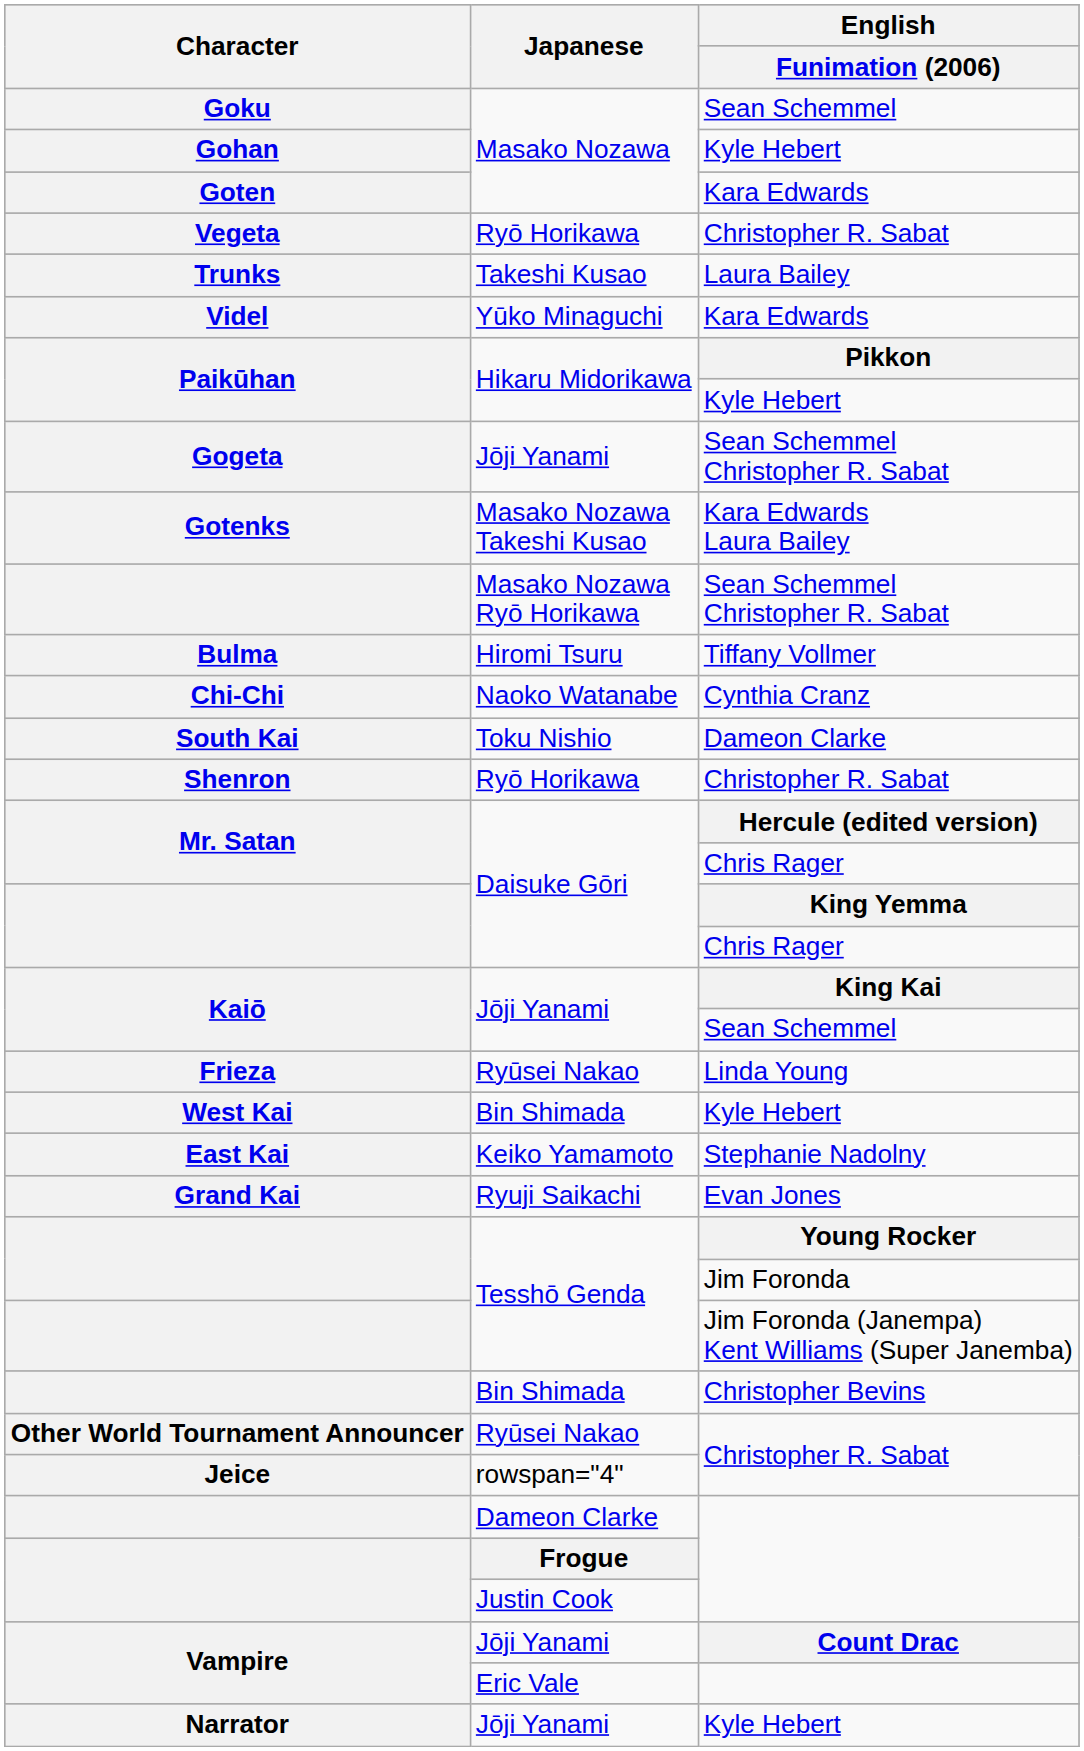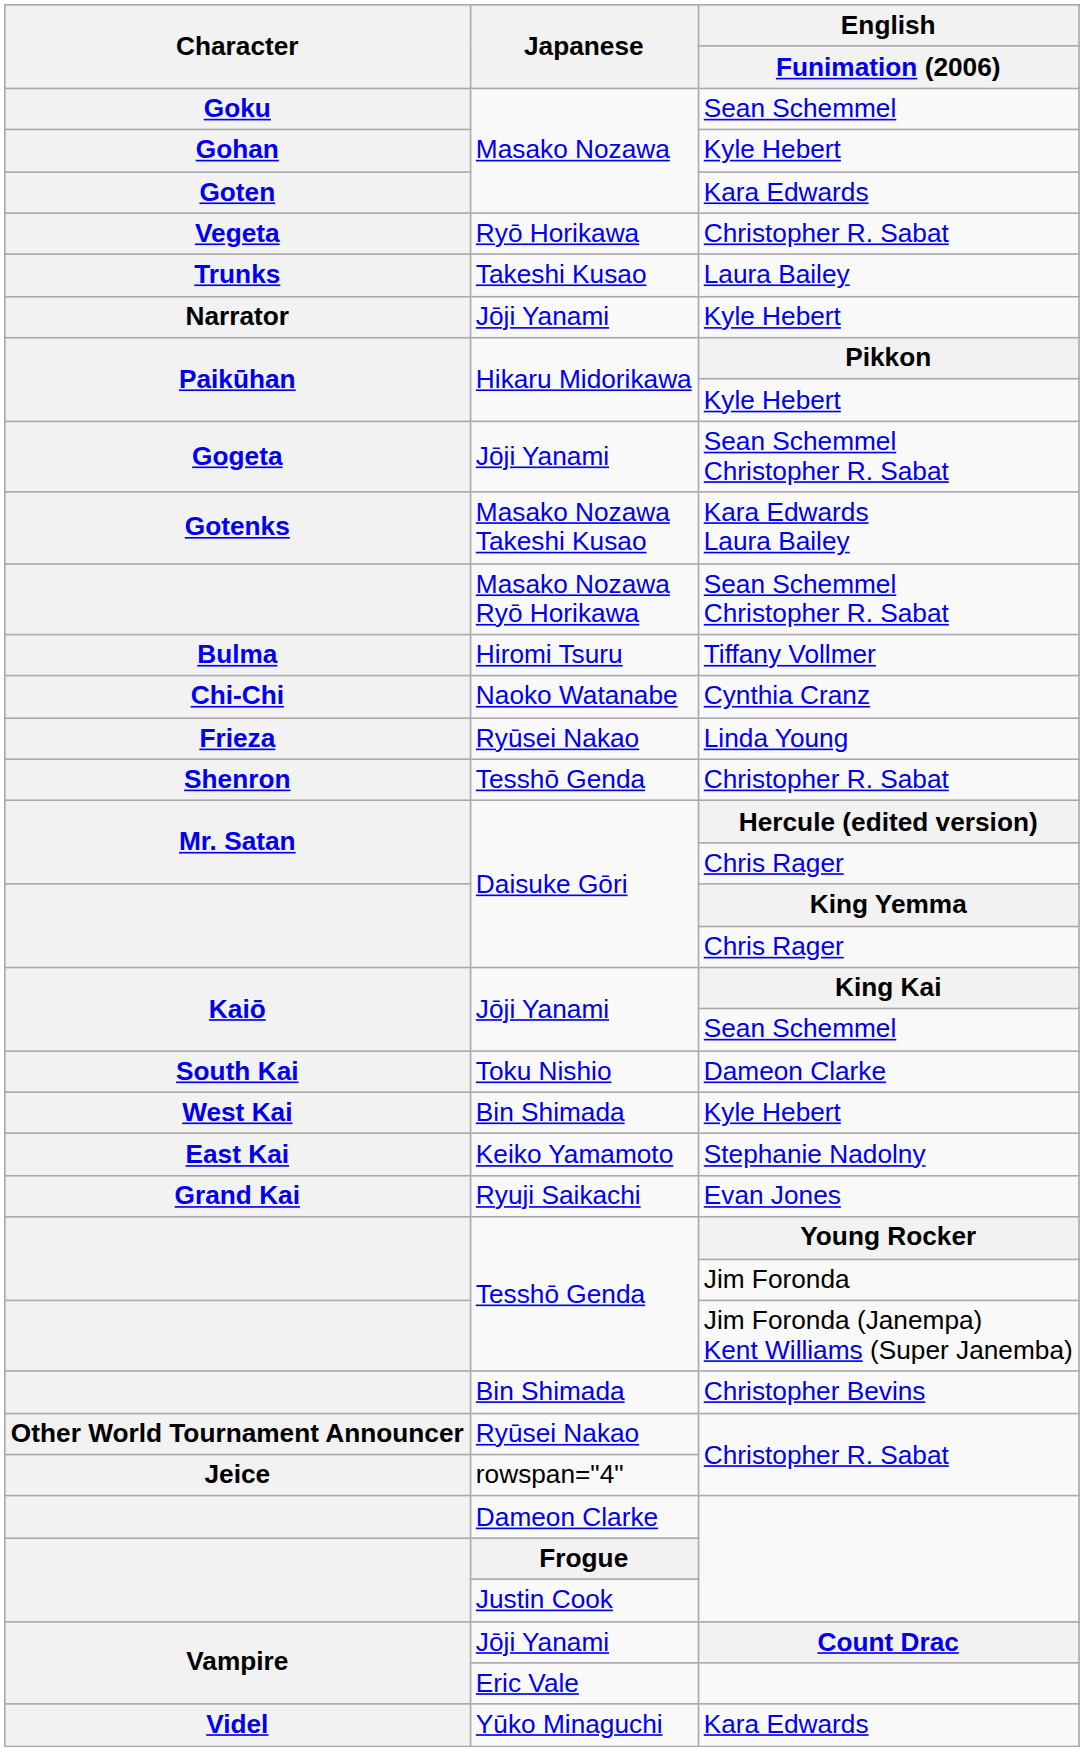 <table class="wikitable plainrowheaders">
 <tr>
 <th rowspan="2">Character</th>
 <th rowspan="2">Japanese</th>
 <th>English</th>
 </tr>
 <tr>
 <th><a href='#'>Funimation</a> (2006)</th>
 </tr>
 <tr>
 <th scope="row"><a href='#'>Goku</a></th>
 <td rowspan="3"><a href='#'>Masako Nozawa</a></td>
 <td><a href='#'>Sean Schemmel</a></td>
 </tr>
 <tr>
 <th scope="row"><a href='#'>Gohan</a></th>
 <td><a href='#'>Kyle Hebert</a></td>
 </tr>
 <tr>
 <th scope="row"><a href='#'>Goten</a></th>
 <td><a href='#'>Kara Edwards</a></td>
 </tr>
 <tr>
 <th scope="row"><a href='#'>Vegeta</a></th>
 <td><a href='#'>Ryō Horikawa</a></td>
 <td><a href='#'>Christopher R. Sabat</a></td>
 </tr>
 <tr>
 <th scope="row"><a href='#'>Trunks</a></th>
 <td><a href='#'>Takeshi Kusao</a></td>
 <td><a href='#'>Laura Bailey</a></td>
 </tr>
 <tr>
-<th scope="row"><a href='#'>Videl</a></th>
-<td><a href='#'>Yūko Minaguchi</a></td>
-<td><a href='#'>Kara Edwards</a></td>
+<th scope="row">Narrator</th>
+<td><a href='#'>Jōji Yanami</a></td>
+<td><a href='#'>Kyle Hebert</a></td>
 </tr>
 <tr>
 <th rowspan="2" scope="row"><a href='#'>Paikūhan</a></th>
 <td rowspan="2"><a href='#'>Hikaru Midorikawa</a></td>
 <th>Pikkon</th>
 </tr>
 <tr>
 <td><a href='#'>Kyle Hebert</a></td>
 </tr>
 <tr>
 <th scope="row"><a href='#'>Gogeta</a></th>
 <td><a href='#'>Jōji Yanami</a></td>
 <td><a href='#'>Sean Schemmel</a><br><a href='#'>Christopher R. Sabat</a></td>
 </tr>
 <tr>
 <th scope="row"><a href='#'>Gotenks</a></th>
 <td><a href='#'>Masako Nozawa</a><br><a href='#'>Takeshi Kusao</a></td>
 <td><a href='#'>Kara Edwards</a><br><a href='#'>Laura Bailey</a></td>
 </tr>
 <tr>
 <th scope="row"></th>
 <td><a href='#'>Masako Nozawa</a><br><a href='#'>Ryō Horikawa</a></td>
 <td><a href='#'>Sean Schemmel</a><br><a href='#'>Christopher R. Sabat</a></td>
 </tr>
 <tr>
 <th scope="row"><a href='#'>Bulma</a></th>
 <td><a href='#'>Hiromi Tsuru</a></td>
 <td><a href='#'>Tiffany Vollmer</a></td>
 </tr>
 <tr>
 <th scope="row"><a href='#'>Chi-Chi</a></th>
 <td><a href='#'>Naoko Watanabe</a></td>
 <td><a href='#'>Cynthia Cranz</a></td>
 </tr>
 <tr>
-<th scope="row"><a href='#'>South Kai</a></th>
-<td><a href='#'>Toku Nishio</a></td>
-<td><a href='#'>Dameon Clarke</a></td>
+<th scope="row"><a href='#'>Frieza</a></th>
+<td><a href='#'>Ryūsei Nakao</a></td>
+<td><a href='#'>Linda Young</a></td>
 </tr>
 <tr>
 <th scope="row"><a href='#'>Shenron</a></th>
-<td><a href='#'>Ryō Horikawa</a></td>
+<td><a href='#'>Tesshō Genda</a></td>
 <td><a href='#'>Christopher R. Sabat</a></td>
 </tr>
 <tr>
 <th scope="row" rowspan="2"><a href='#'>Mr. Satan</a></th>
 <td rowspan="4"><a href='#'>Daisuke Gōri</a></td>
 <th>Hercule (edited version)</th>
 </tr>
 <tr>
 <td><a href='#'>Chris Rager</a></td>
 </tr>
 <tr>
 <th scope="row" rowspan="2"></th>
 <th>King Yemma</th>
 </tr>
 <tr>
 <td><a href='#'>Chris Rager</a></td>
 </tr>
 <tr>
 <th scope="row" rowspan="2"><a href='#'>Kaiō</a></th>
 <td rowspan="2"><a href='#'>Jōji Yanami</a></td>
 <th>King Kai</th>
 </tr>
 <tr>
 <td><a href='#'>Sean Schemmel</a></td>
 </tr>
 <tr>
-<th scope="row"><a href='#'>Frieza</a></th>
-<td><a href='#'>Ryūsei Nakao</a></td>
-<td><a href='#'>Linda Young</a></td>
+<th scope="row"><a href='#'>South Kai</a></th>
+<td><a href='#'>Toku Nishio</a></td>
+<td><a href='#'>Dameon Clarke</a></td>
 </tr>
 <tr>
 <th scope="row"><a href='#'>West Kai</a></th>
 <td><a href='#'>Bin Shimada</a></td>
 <td><a href='#'>Kyle Hebert</a></td>
 </tr>
 <tr>
 <th scope="row"><a href='#'>East Kai</a></th>
 <td><a href='#'>Keiko Yamamoto</a></td>
 <td><a href='#'>Stephanie Nadolny</a></td>
 </tr>
 <tr>
 <th scope="row"><a href='#'>Grand Kai</a></th>
 <td><a href='#'>Ryuji Saikachi</a></td>
 <td><a href='#'>Evan Jones</a></td>
 </tr>
 <tr>
 <th scope="row" rowspan="2"></th>
 <td scope="row" rowspan="3"><a href='#'>Tesshō Genda</a></td>
 <th>Young Rocker</th>
 </tr>
 <tr>
 <td>Jim Foronda</td>
 </tr>
 <tr>
 <th scope="row"></th>
 <td>Jim Foronda (Janempa)<br><a href='#'>Kent Williams</a> (Super Janemba)</td>
 </tr>
 <tr>
 <th scope="row"></th>
 <td><a href='#'>Bin Shimada</a></td>
 <td><a href='#'>Christopher Bevins</a></td>
 </tr>
 <tr>
 <th scope="row">Other World Tournament Announcer</th>
 <td><a href='#'>Ryūsei Nakao</a></td>
 <td rowspan="2"><a href='#'>Christopher R. Sabat</a></td>
 </tr>
 <tr>
 <th scope="row">Jeice</th>
 <td>rowspan="4" </td>
 </tr>
 <tr>
 <th scope="row"></th>
 <td><a href='#'>Dameon Clarke</a></td>
 </tr>
 <tr>
 <th rowspan="2" scope="row"></th>
 <th>Frogue</th>
 </tr>
 <tr>
 <td><a href='#'>Justin Cook</a></td>
 </tr>
 <tr>
 <th scope="row" rowspan="2">Vampire</th>
 <td><a href='#'>Jōji Yanami</a></td>
 <th><a href='#'>Count Drac</a></th>
 </tr>
 <tr>
 <td><a href='#'>Eric Vale</a></td>
 </tr>
 <tr>
-<th scope="row">Narrator</th>
-<td><a href='#'>Jōji Yanami</a></td>
-<td><a href='#'>Kyle Hebert</a></td>
+<th scope="row"><a href='#'>Videl</a></th>
+<td><a href='#'>Yūko Minaguchi</a></td>
+<td><a href='#'>Kara Edwards</a></td>
 </tr>
 </table>
